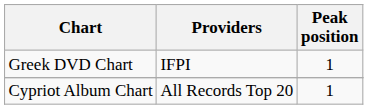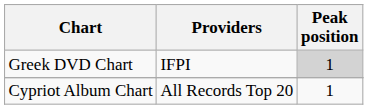 <table class="wikitable">
 <tr>
 <th align="left">Chart</th>
 <th align="left">Providers</th>
 <th align="left">Peak<br>position</th>
 </tr>
 <tr>
 <td align="left">Greek DVD Chart</td>
 <td align="left">IFPI</td>
-<td align="center">1</td>
+<td align="center" style="background: lightgrey;">1</td>
 </tr>
 <tr>
 </tr>
 <tr>
 <td align="left">Cypriot Album Chart</td>
 <td align="left">All Records Top 20</td>
 <td align="center">1</td>
 </tr>
 </table>
